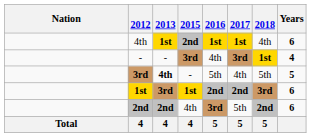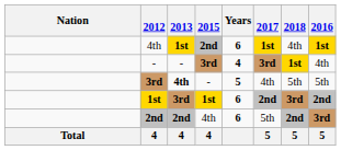 <table class="wikitable" style="text-align:center; font-size:90%">
 <tr>
 <th width=170>Nation</th>
 <th><br><a href='#'>2012</a></th>
 <th><br><a href='#'>2013</a></th>
 <th><br><a href='#'>2015</a></th>
-<th><br><a href='#'>2016</a></th>
+<th>Years</th>
 <th><br><a href='#'>2017</a></th>
 <th><br><a href='#'>2018</a></th>
-<th>Years</th>
+<th><br><a href='#'>2016</a></th>
 </tr>
 <tr>
 <td align=left></td>
 <td>4th</td>
 <td bgcolor=gold><strong>1st</strong></td>
 <td bgcolor=silver><strong>2nd</strong></td>
-<td bgcolor=gold><strong>1st</strong></td>
+<td><strong>6</strong></td>
 <td bgcolor=gold><strong>1st</strong></td>
 <td>4th</td>
-<td><strong>6</strong></td>
+<td bgcolor=gold><strong>1st</strong></td>
 </tr>
 <tr>
 <td align=left></td>
 <td>-</td>
 <td>-</td>
 <td bgcolor=#cc9966><strong>3rd</strong></td>
-<td>4th</td>
+<td><strong>4</strong></td>
 <td bgcolor=#cc9966><strong>3rd</strong></td>
 <td bgcolor=gold><strong>1st</strong></td>
-<td><strong>4</strong></td>
+<td>4th</td>
 </tr>
 <tr>
 <td align=left></td>
 <td bgcolor=#cc9966><strong>3rd</strong></td>
 <td><strong>4th</strong></td>
 <td>-</td>
-<td>5th</td>
+<td><strong>5</strong></td>
 <td>4th</td>
 <td>5th</td>
-<td><strong>5</strong></td>
+<td>5th</td>
 </tr>
 <tr>
 <td align=left></td>
 <td bgcolor=gold><strong>1st</strong></td>
 <td bgcolor=#cc9966><strong>3rd</strong></td>
 <td bgcolor=gold><strong>1st</strong></td>
-<td bgcolor=silver><strong>2nd</strong></td>
+<td><strong>6</strong></td>
 <td bgcolor=silver><strong>2nd</strong></td>
 <td bgcolor=#cc9966><strong>3rd</strong></td>
-<td><strong>6</strong></td>
+<td bgcolor=silver><strong>2nd</strong></td>
 </tr>
 <tr>
 <td align=left></td>
 <td bgcolor=silver><strong>2nd</strong></td>
 <td bgcolor=silver><strong>2nd</strong></td>
 <td>4th</td>
-<td bgcolor=#cc9966><strong>3rd</strong></td>
+<td><strong>6</strong></td>
 <td>5th</td>
 <td bgcolor=silver><strong>2nd</strong></td>
-<td><strong>6</strong></td>
+<td bgcolor=#cc9966><strong>3rd</strong></td>
 </tr>
 <tr>
 <th>Total</th>
 <th>4</th>
 <th>4</th>
 <th>4</th>
+<th></th>
 <th>5</th>
 <th>5</th>
 <th>5</th>
-<th></th>
 </tr>
 </table>
